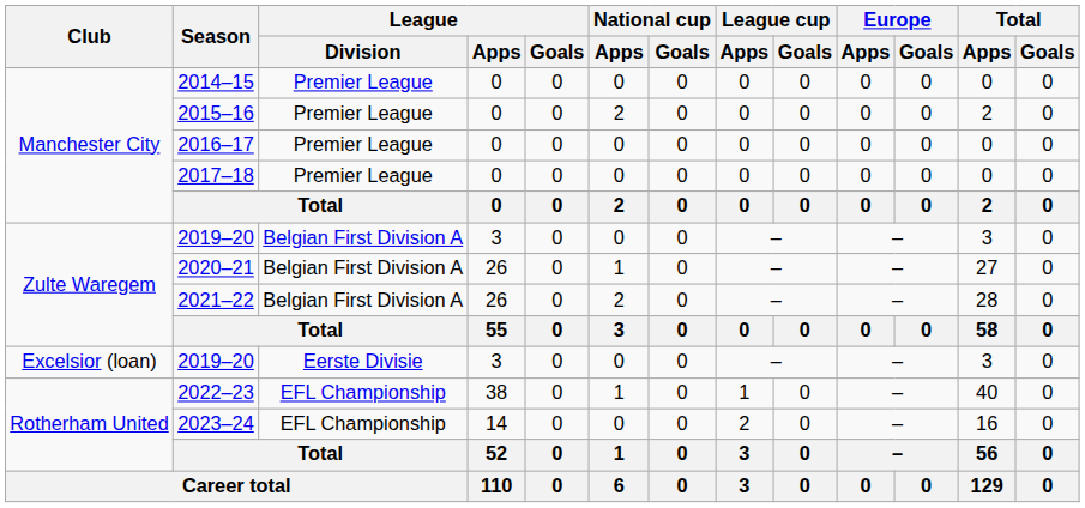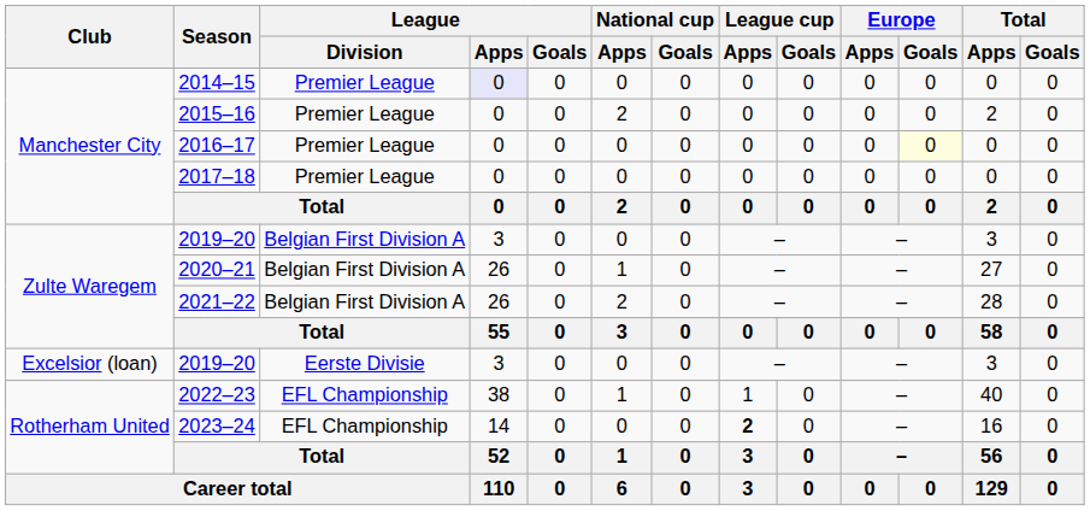 <table class="wikitable" style="text-align: center;">
 <tr>
 <th rowspan="2">Club</th>
 <th rowspan="2">Season</th>
 <th colspan="3">League</th>
 <th colspan="2">National cup</th>
 <th colspan="2">League cup</th>
 <th colspan="2"><a href='#'>Europe</a></th>
 <th colspan="2">Total</th>
 </tr>
 <tr>
 <th>Division</th>
 <th>Apps</th>
 <th>Goals</th>
 <th>Apps</th>
 <th>Goals</th>
 <th>Apps</th>
 <th>Goals</th>
 <th>Apps</th>
 <th>Goals</th>
 <th>Apps</th>
 <th>Goals</th>
 </tr>
 <tr>
 <td rowspan="5"><a href='#'>Manchester City</a></td>
 <td><a href='#'>2014–15</a></td>
 <td><a href='#'>Premier League</a></td>
-<td>0</td>
+<td style="background: lavender;">0</td>
 <td>0</td>
 <td>0</td>
 <td>0</td>
 <td>0</td>
 <td>0</td>
 <td>0</td>
 <td>0</td>
 <td>0</td>
 <td>0</td>
 </tr>
 <tr>
 <td><a href='#'>2015–16</a></td>
 <td>Premier League</td>
 <td>0</td>
 <td>0</td>
 <td>2</td>
 <td>0</td>
 <td>0</td>
 <td>0</td>
 <td>0</td>
 <td>0</td>
 <td>2</td>
 <td>0</td>
 </tr>
 <tr>
 <td><a href='#'>2016–17</a></td>
 <td>Premier League</td>
 <td>0</td>
 <td>0</td>
 <td>0</td>
 <td>0</td>
 <td>0</td>
 <td>0</td>
 <td>0</td>
-<td>0</td>
+<td style="background: lightyellow;">0</td>
 <td>0</td>
 <td>0</td>
 </tr>
 <tr>
 <td><a href='#'>2017–18</a></td>
 <td>Premier League</td>
 <td>0</td>
 <td>0</td>
 <td>0</td>
 <td>0</td>
 <td>0</td>
 <td>0</td>
 <td>0</td>
 <td>0</td>
 <td>0</td>
 <td>0</td>
 </tr>
 <tr>
 <th colspan="2">Total</th>
 <th>0</th>
 <th>0</th>
 <th>2</th>
 <th>0</th>
 <th>0</th>
 <th>0</th>
 <th>0</th>
 <th>0</th>
 <th>2</th>
 <th>0</th>
 </tr>
 <tr>
 <td rowspan="4"><a href='#'>Zulte Waregem</a></td>
 <td><a href='#'>2019–20</a></td>
 <td><a href='#'>Belgian First Division A</a></td>
 <td>3</td>
 <td>0</td>
 <td>0</td>
 <td>0</td>
 <td colspan="2">–</td>
 <td colspan="2">–</td>
 <td>3</td>
 <td>0</td>
 </tr>
 <tr>
 <td><a href='#'>2020–21</a></td>
 <td>Belgian First Division A</td>
 <td>26</td>
 <td>0</td>
 <td>1</td>
 <td>0</td>
 <td colspan="2">–</td>
 <td colspan="2">–</td>
 <td>27</td>
 <td>0</td>
 </tr>
 <tr>
 <td><a href='#'>2021–22</a></td>
 <td>Belgian First Division A</td>
 <td>26</td>
 <td>0</td>
 <td>2</td>
 <td>0</td>
 <td colspan="2">–</td>
 <td colspan="2">–</td>
 <td>28</td>
 <td>0</td>
 </tr>
 <tr>
 <th colspan="2">Total</th>
 <th>55</th>
 <th>0</th>
 <th>3</th>
 <th>0</th>
 <th>0</th>
 <th>0</th>
 <th>0</th>
 <th>0</th>
 <th>58</th>
 <th>0</th>
 </tr>
 <tr>
 <td><a href='#'>Excelsior</a> (loan)</td>
 <td><a href='#'>2019–20</a></td>
 <td><a href='#'>Eerste Divisie</a></td>
 <td>3</td>
 <td>0</td>
 <td>0</td>
 <td>0</td>
 <td colspan="2">–</td>
 <td colspan="2">–</td>
 <td>3</td>
 <td>0</td>
 </tr>
 <tr>
 <td rowspan=3><a href='#'>Rotherham United</a></td>
 <td><a href='#'>2022–23</a></td>
 <td><a href='#'>EFL Championship</a></td>
 <td>38</td>
 <td>0</td>
 <td>1</td>
 <td>0</td>
 <td>1</td>
 <td>0</td>
 <td colspan="2">–</td>
 <td>40</td>
 <td>0</td>
 </tr>
 <tr>
 <td><a href='#'>2023–24</a></td>
 <td>EFL Championship</td>
 <td>14</td>
 <td>0</td>
 <td>0</td>
 <td>0</td>
-<td>2</td>
+<td><strong>2</strong></td>
 <td>0</td>
 <td colspan="2">–</td>
 <td>16</td>
 <td>0</td>
 </tr>
 <tr>
 <th colspan=2>Total</th>
 <th>52</th>
 <th>0</th>
 <th>1</th>
 <th>0</th>
 <th>3</th>
 <th>0</th>
 <th colspan="2">–</th>
 <th>56</th>
 <th>0</th>
 </tr>
 <tr>
 <th colspan="3">Career total</th>
 <th>110</th>
 <th>0</th>
 <th>6</th>
 <th>0</th>
 <th>3</th>
 <th>0</th>
 <th>0</th>
 <th>0</th>
 <th>129</th>
 <th>0</th>
 </tr>
 </table>
